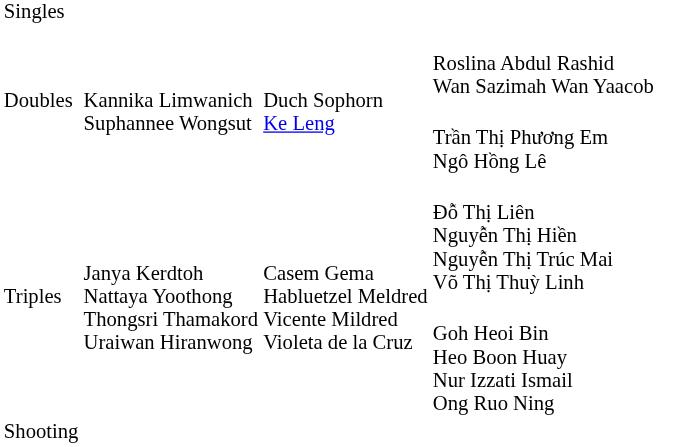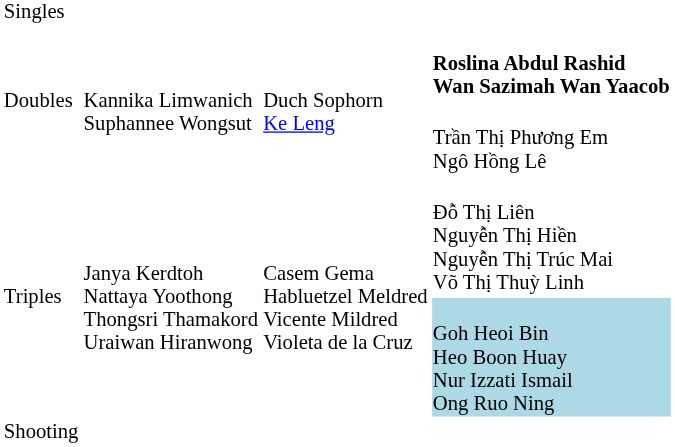 <table>
 <tr>
 <td rowspan=2>Singles</td>
 <td rowspan=2></td>
 <td rowspan=2></td>
 <td></td>
 </tr>
 <tr>
 <td></td>
 </tr>
 <tr>
 <td rowspan=2>Doubles</td>
 <td rowspan=2><br>Kannika Limwanich<br>Suphannee Wongsut</td>
 <td rowspan=2><br>Duch Sophorn<br><a href='#'>Ke Leng</a></td>
-<td nowrap=true><br>Roslina Abdul Rashid<br>Wan Sazimah Wan Yaacob</td>
+<td nowrap=true><strong><br>Roslina Abdul Rashid<br>Wan Sazimah Wan Yaacob</strong></td>
 </tr>
 <tr>
 <td><br>Trần Thị Phương Em<br>Ngô Hồng Lê</td>
 </tr>
 <tr>
 <td rowspan=2>Triples</td>
 <td rowspan=2><br>Janya Kerdtoh<br>Nattaya Yoothong<br>Thongsri Thamakord<br>Uraiwan Hiranwong</td>
 <td rowspan=2><br>Casem Gema<br>Habluetzel Meldred<br>Vicente Mildred<br>Violeta de la Cruz</td>
 <td><br>Đỗ Thị Liên<br>Nguyễn Thị Hiền<br>Nguyễn Thị Trúc Mai<br>Võ Thị Thuỳ Linh</td>
 </tr>
 <tr>
-<td><br>Goh Heoi Bin<br>Heo Boon Huay<br>Nur Izzati Ismail<br>Ong Ruo Ning</td>
+<td style="background: lightblue;"><br>Goh Heoi Bin<br>Heo Boon Huay<br>Nur Izzati Ismail<br>Ong Ruo Ning</td>
 </tr>
 <tr>
 <td rowspan=2>Shooting</td>
 <td rowspan=2 nowrap=true></td>
 <td rowspan=2 nowrap=true></td>
 <td></td>
 </tr>
 <tr>
 <td></td>
 </tr>
 </table>
